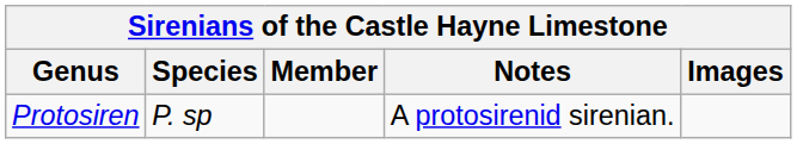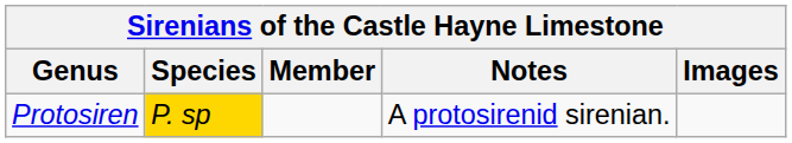 <table class="wikitable">
 <tr>
 <th colspan="5"><a href='#'>Sirenians</a> of the Castle Hayne Limestone</th>
 </tr>
 <tr>
 <th>Genus</th>
 <th>Species</th>
 <th>Member</th>
 <th>Notes</th>
 <th>Images</th>
 </tr>
 <tr>
 <td><em><a href='#'>Protosiren</a></em></td>
-<td><em>P. sp</em></td>
+<td style="background: gold;"><em>P. sp</em></td>
 <td></td>
 <td>A <a href='#'>protosirenid</a> sirenian.</td>
 <td></td>
 </tr>
 </table>
